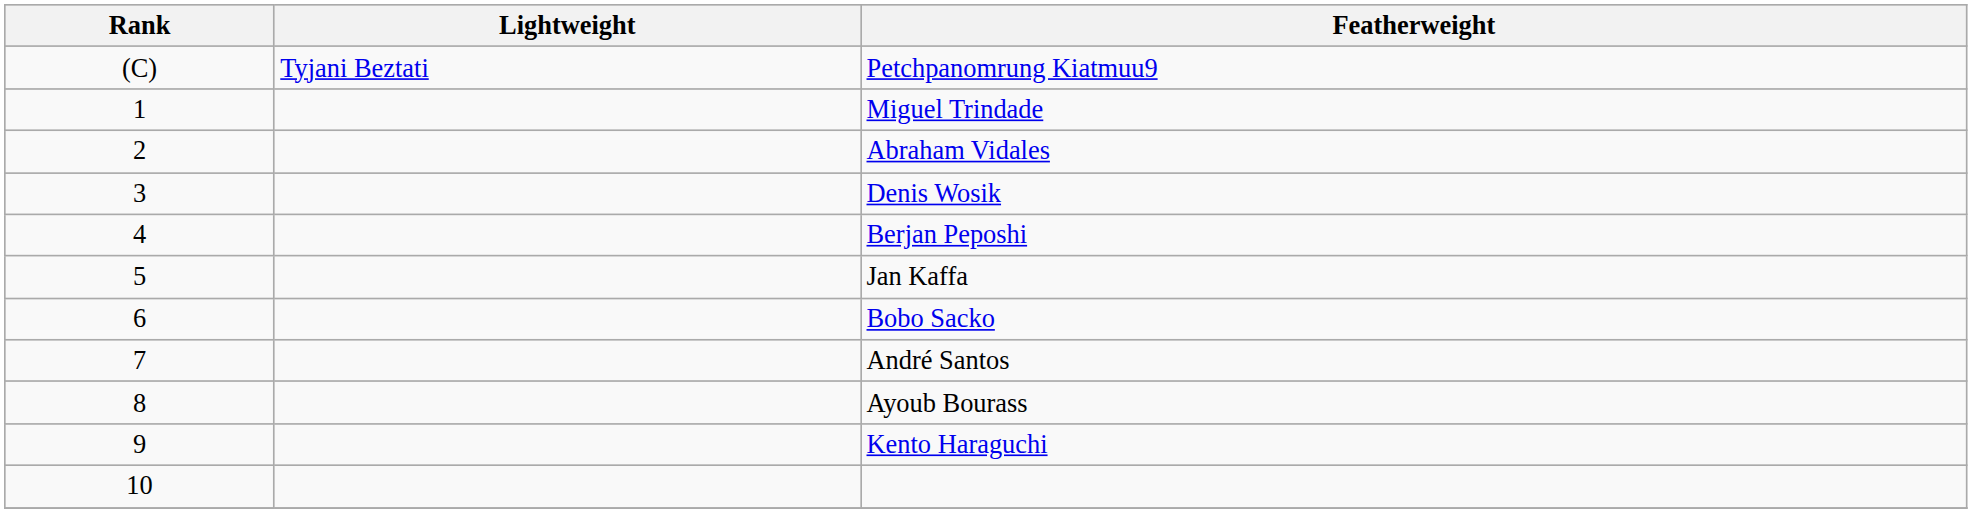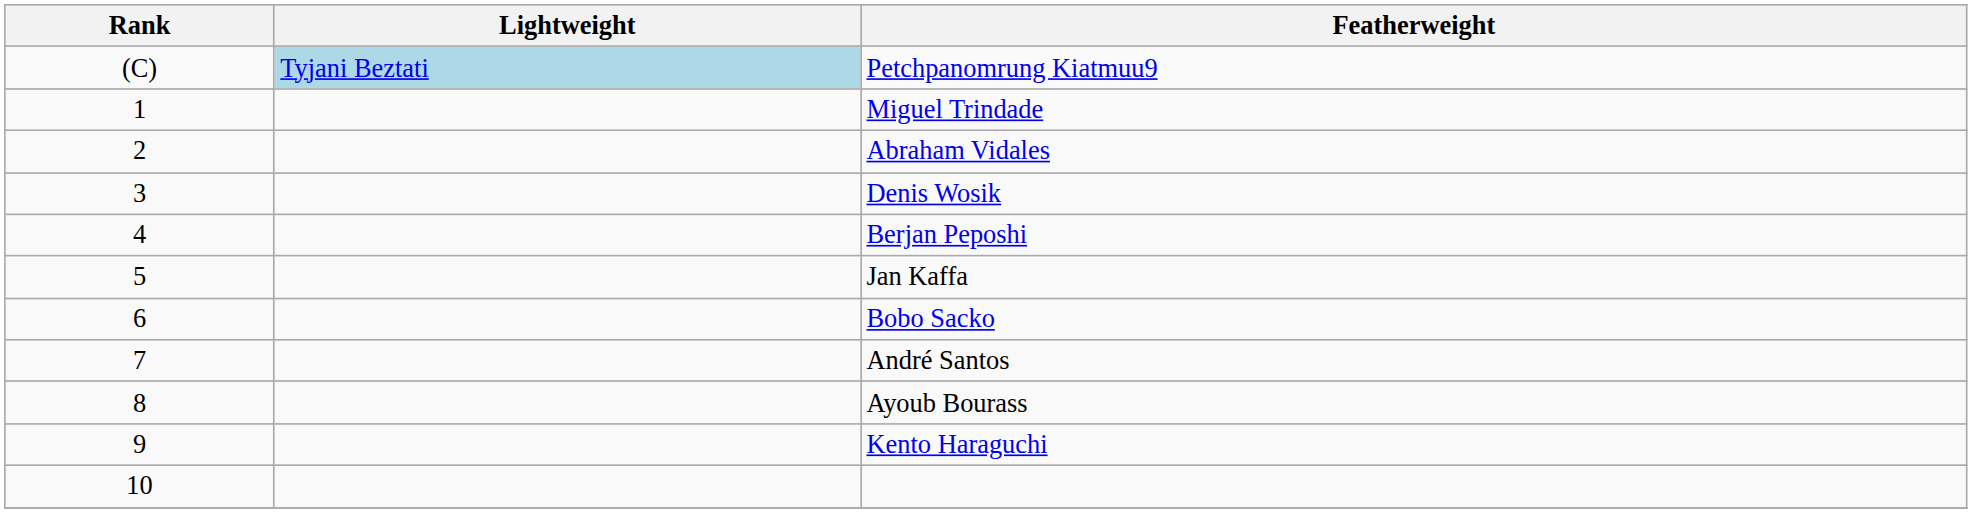 <table class="wikitable" width="60%" style="text-align:Left">
 <tr>
 <th>Rank</th>
 <th>Lightweight</th>
 <th>Featherweight</th>
 </tr>
 <tr>
 <td style="text-align: center;">(C)</td>
-<td> <a href='#'>Tyjani Beztati</a></td>
+<td style="background: lightblue;"> <a href='#'>Tyjani Beztati</a></td>
 <td> <a href='#'>Petchpanomrung Kiatmuu9</a></td>
 </tr>
 <tr>
 <td style="text-align: center;">1</td>
 <td></td>
 <td> <a href='#'>Miguel Trindade</a></td>
 </tr>
 <tr>
 <td style="text-align: center;">2</td>
 <td></td>
 <td> <a href='#'>Abraham Vidales</a></td>
 </tr>
 <tr>
 <td style="text-align: center;">3</td>
 <td></td>
 <td> <a href='#'>Denis Wosik</a></td>
 </tr>
 <tr>
 <td style="text-align: center;">4</td>
 <td></td>
 <td> <a href='#'>Berjan Peposhi</a></td>
 </tr>
 <tr>
 <td style="text-align: center;">5</td>
 <td></td>
 <td> Jan Kaffa</td>
 </tr>
 <tr>
 <td style="text-align: center;">6</td>
 <td></td>
 <td> <a href='#'>Bobo Sacko</a></td>
 </tr>
 <tr>
 <td style="text-align: center;">7</td>
 <td></td>
 <td> André Santos </td>
 </tr>
 <tr>
 <td style="text-align: center;">8</td>
 <td></td>
 <td> Ayoub Bourass </td>
 </tr>
 <tr>
 <td style="text-align: center;">9</td>
 <td></td>
 <td> <a href='#'>Kento Haraguchi</a> </td>
 </tr>
 <tr>
 <td style="text-align: center;">10</td>
 <td></td>
 <td></td>
 </tr>
 <tr>
 </tr>
 </table>
